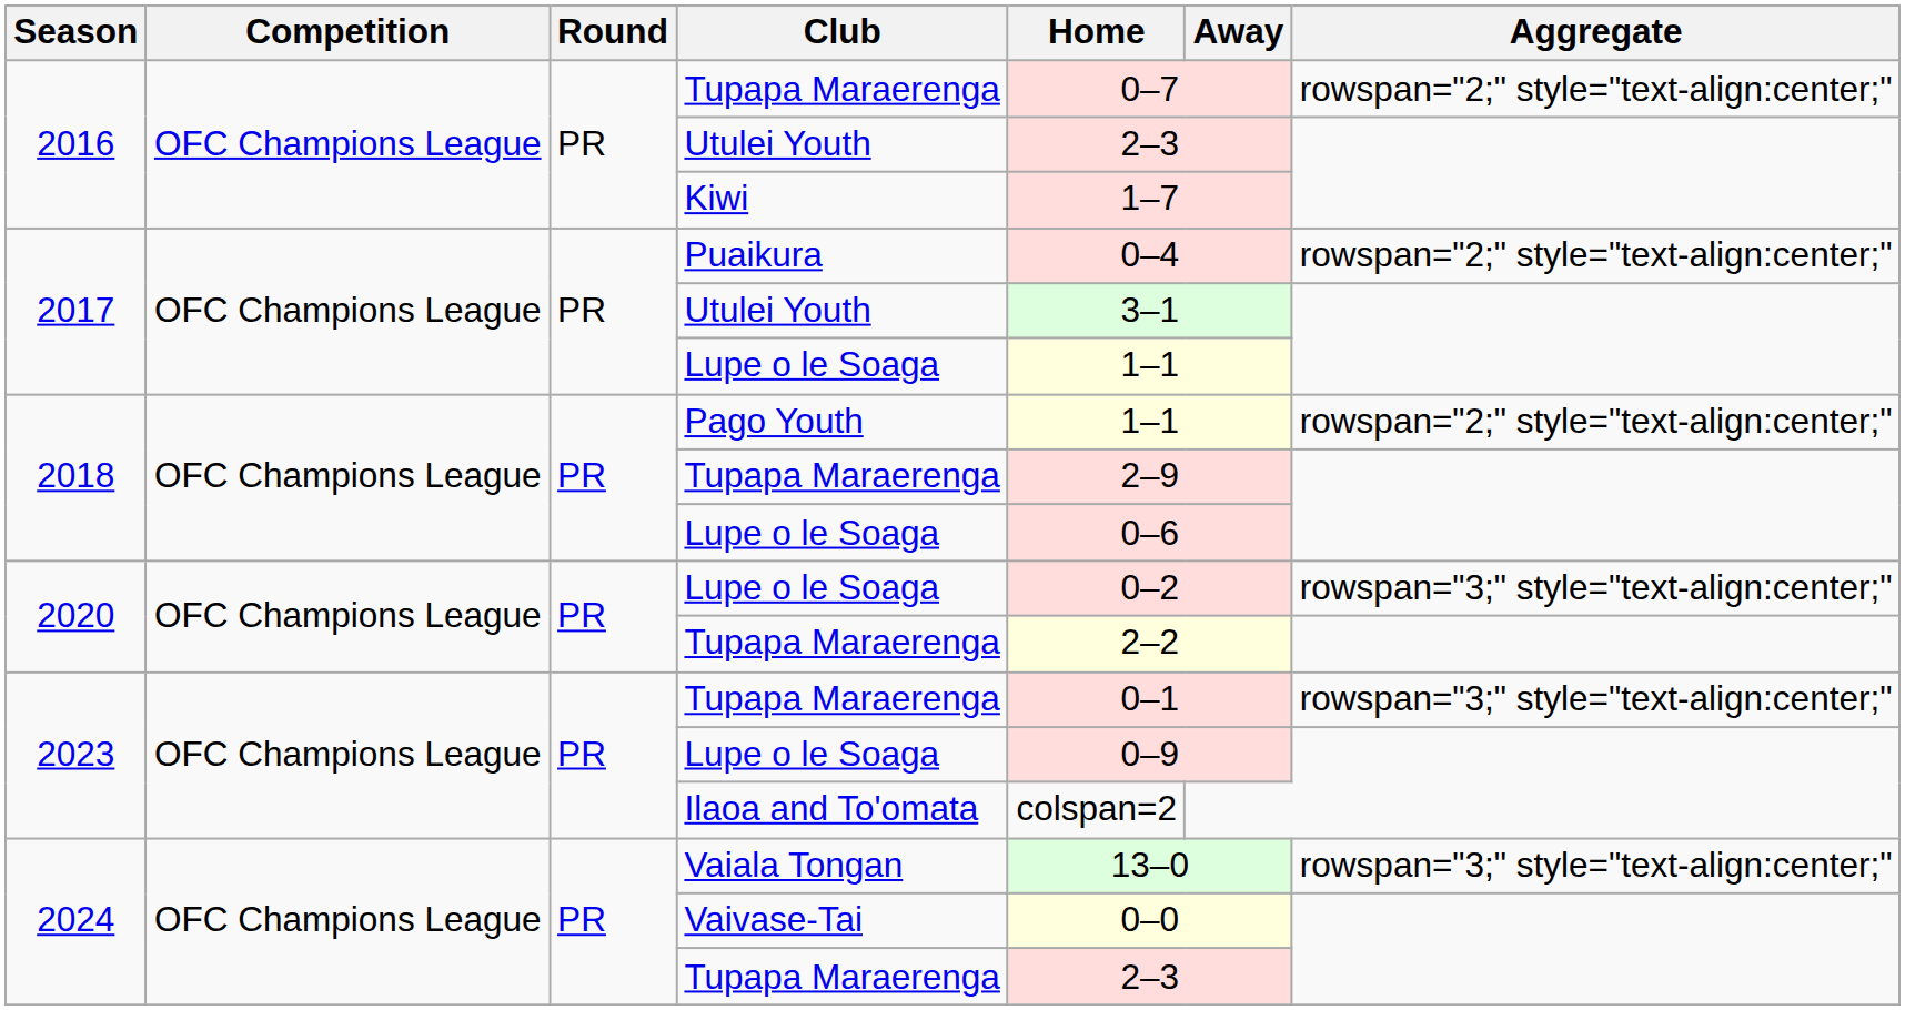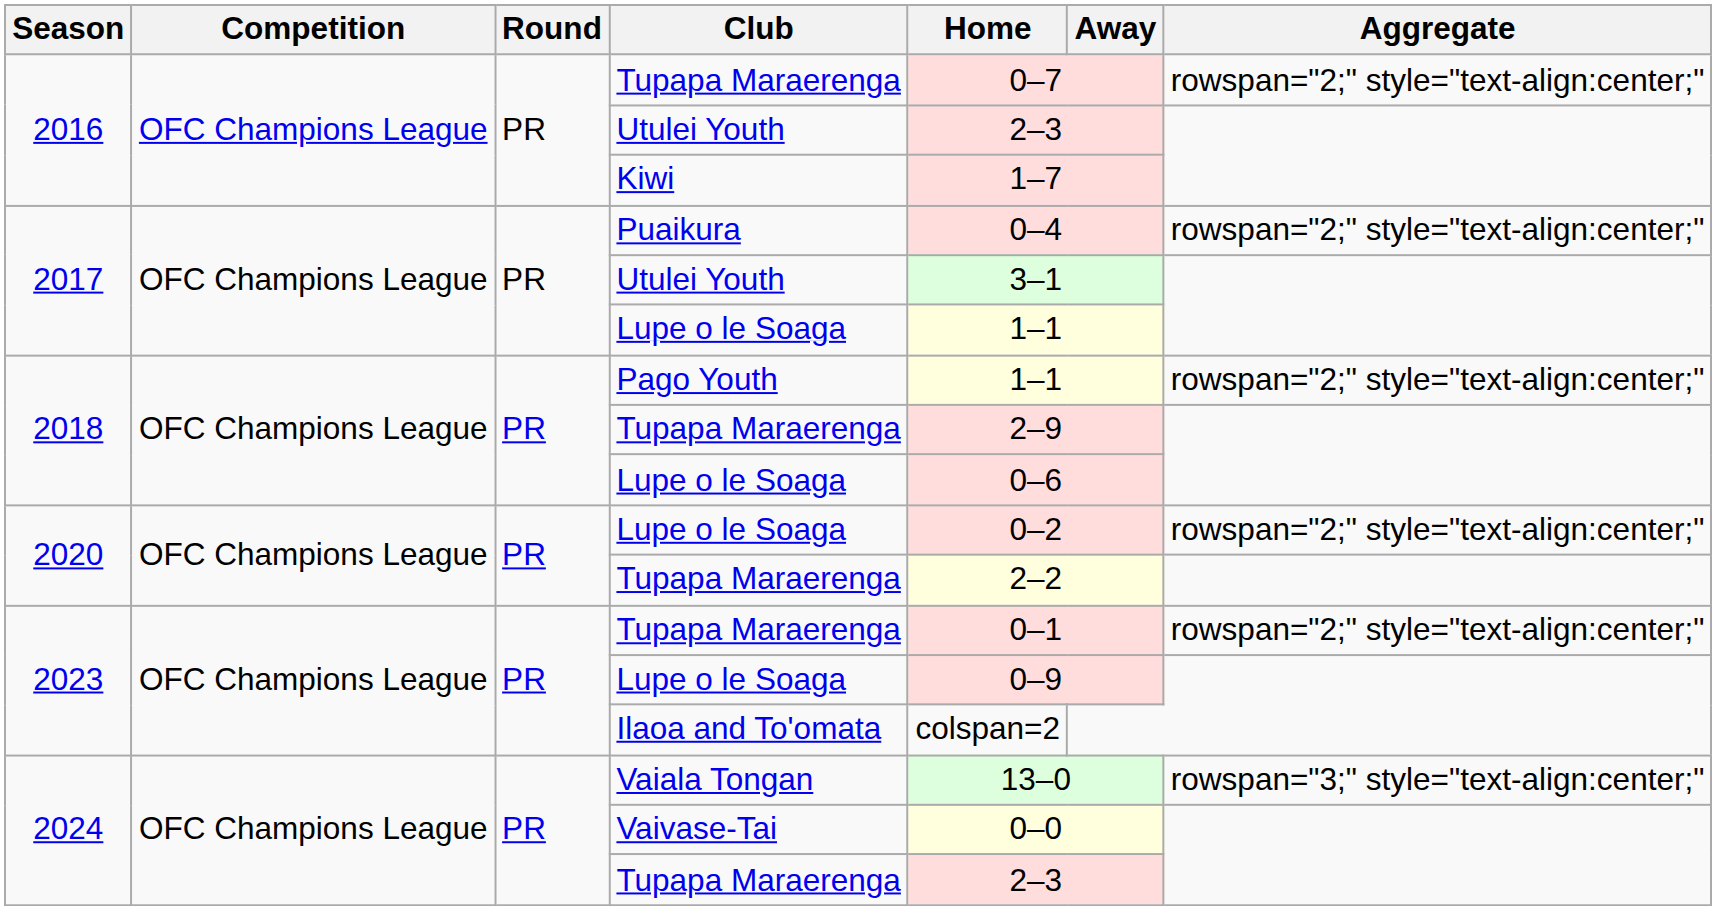 <table class="wikitable">
 <tr>
 <th>Season</th>
 <th>Competition</th>
 <th>Round</th>
 <th>Club</th>
 <th>Home</th>
 <th>Away</th>
 <th>Aggregate</th>
 </tr>
 <tr>
 <td rowspan="3;" style="text-align:center;"><a href='#'>2016</a></td>
 <td rowspan="3"><a href='#'>OFC Champions League</a></td>
 <td rowspan="3">PR</td>
 <td> <a href='#'>Tupapa Maraerenga</a></td>
 <td colspan="2;" style="text-align:center; background:#fdd;">0–7</td>
 <td>rowspan="2;" style="text-align:center;" </td>
 </tr>
 <tr>
 <td> <a href='#'>Utulei Youth</a></td>
 <td colspan="2;" style="text-align:center; background:#fdd;">2–3</td>
 </tr>
 <tr>
 <td> <a href='#'>Kiwi</a></td>
 <td colspan="2;" style="text-align:center; background:#fdd;">1–7</td>
 </tr>
 <tr>
 <td rowspan="3;" style="text-align:center;"><a href='#'>2017</a></td>
 <td rowspan="3">OFC Champions League</td>
 <td rowspan="3">PR</td>
 <td> <a href='#'>Puaikura</a></td>
 <td colspan="2;" style="text-align:center; background:#fdd;">0–4</td>
 <td>rowspan="2;" style="text-align:center;" </td>
 </tr>
 <tr>
 <td> <a href='#'>Utulei Youth</a></td>
 <td colspan="2;" style="text-align:center; background:#dfd;">3–1</td>
 </tr>
 <tr>
 <td> <a href='#'>Lupe o le Soaga</a></td>
 <td colspan="2;" style="text-align:center; background:#ffd;">1–1</td>
 </tr>
 <tr>
 <td rowspan="3;" style="text-align:center;"><a href='#'>2018</a></td>
 <td rowspan="3">OFC Champions League</td>
 <td rowspan="3"><a href='#'>PR</a></td>
 <td> <a href='#'>Pago Youth</a></td>
 <td colspan="2;" style="text-align:center; background:#ffd;">1–1</td>
 <td>rowspan="2;" style="text-align:center;" </td>
 </tr>
 <tr>
 <td> <a href='#'>Tupapa Maraerenga</a></td>
 <td colspan="2;" style="text-align:center; background:#fdd;">2–9</td>
 </tr>
 <tr>
 <td> <a href='#'>Lupe o le Soaga</a></td>
 <td colspan="2;" style="text-align:center; background:#fdd;">0–6</td>
 </tr>
 <tr>
 <td rowspan="2;" style="text-align:center;"><a href='#'>2020</a></td>
 <td rowspan="2">OFC Champions League</td>
 <td rowspan="2"><a href='#'>PR</a></td>
 <td> <a href='#'>Lupe o le Soaga</a></td>
 <td colspan="2;" style="text-align:center; background:#fdd;">0–2</td>
-<td>rowspan="3;" style="text-align:center;" </td>
+<td>rowspan="2;" style="text-align:center;" </td>
 </tr>
 <tr>
 <td> <a href='#'>Tupapa Maraerenga</a></td>
 <td colspan="2;" style="text-align:center; background:#ffd;">2–2</td>
 </tr>
 <tr>
 <td rowspan="3;" style="text-align:center;"><a href='#'>2023</a></td>
 <td rowspan="3">OFC Champions League</td>
 <td rowspan="3"><a href='#'>PR</a></td>
 <td> <a href='#'>Tupapa Maraerenga</a></td>
 <td colspan="2;" style="text-align:center; background:#fdd;">0–1</td>
-<td>rowspan="3;" style="text-align:center;"</td>
+<td>rowspan="2;" style="text-align:center;" </td>
 </tr>
 <tr>
 <td> <a href='#'>Lupe o le Soaga</a></td>
 <td colspan="2;" style="text-align:center; background:#fdd;">0–9</td>
 </tr>
 <tr>
 <td> <a href='#'>Ilaoa and To'omata</a></td>
 <td>colspan=2 </td>
 </tr>
 <tr>
 <td rowspan="3;" style="text-align:center;"><a href='#'>2024</a></td>
 <td rowspan="3">OFC Champions League</td>
 <td rowspan="3"><a href='#'>PR</a></td>
 <td> <a href='#'>Vaiala Tongan</a></td>
 <td colspan="2;" style="text-align:center; background:#dfd;">13–0</td>
 <td>rowspan="3;" style="text-align:center;" </td>
 </tr>
 <tr>
 <td> <a href='#'>Vaivase-Tai</a></td>
 <td colspan="2;" style="text-align:center; background:#ffd;">0–0</td>
 </tr>
 <tr>
 <td> <a href='#'>Tupapa Maraerenga</a></td>
 <td colspan="2;" style="text-align:center; background:#fdd">2–3</td>
 </tr>
 </table>
